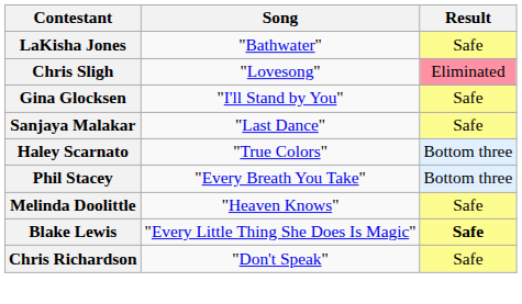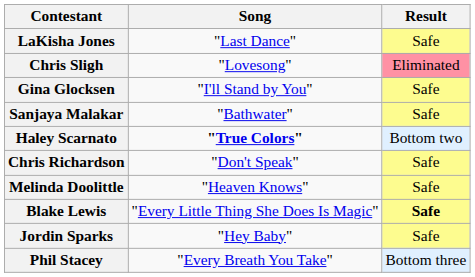 <table class="wikitable unsortable" style="text-align:center;">
 <tr>
 <th scope="col">Contestant</th>
 <th scope="col">Song</th>
 <th scope="col">Result</th>
 </tr>
 <tr>
 <th scope="row">LaKisha Jones</th>
-<td>"<a href='#'>Bathwater</a>"</td>
+<td>"<a href='#'>Last Dance</a>"</td>
 <td style="background:#FDFC8F">Safe</td>
 </tr>
 <tr>
 <th scope="row">Chris Sligh</th>
 <td>"<a href='#'>Lovesong</a>"</td>
 <td bgcolor="FF91A4">Eliminated</td>
 </tr>
 <tr>
 <th scope="row">Gina Glocksen</th>
 <td>"<a href='#'>I'll Stand by You</a>"</td>
 <td style="background:#FDFC8F">Safe</td>
 </tr>
 <tr>
 <th scope="row">Sanjaya Malakar</th>
-<td>"<a href='#'>Last Dance</a>"</td>
+<td>"<a href='#'>Bathwater</a>"</td>
 <td style="background:#FDFC8F">Safe</td>
 </tr>
 <tr>
 <th scope="row">Haley Scarnato</th>
-<td>"<a href='#'>True Colors</a>"</td>
-<td bgcolor="E0F0FF">Bottom three</td>
+<td><strong>"<a href='#'>True Colors</a>"</strong></td>
+<td bgcolor="E0F0FF">Bottom two</td>
 </tr>
 <tr>
-<th scope="row">Phil Stacey</th>
-<td>"<a href='#'>Every Breath You Take</a>"</td>
-<td bgcolor="E0F0FF">Bottom three</td>
+<th scope="row">Chris Richardson</th>
+<td>"<a href='#'>Don't Speak</a>"</td>
+<td style="background:#FDFC8F">Safe</td>
 </tr>
 <tr>
 <th scope="row">Melinda Doolittle</th>
 <td>"<a href='#'>Heaven Knows</a>"</td>
 <td style="background:#FDFC8F">Safe</td>
 </tr>
 <tr>
 <th scope="row">Blake Lewis</th>
 <td>"<a href='#'>Every Little Thing She Does Is Magic</a>"</td>
 <td style="background:#FDFC8F"><strong>Safe</strong></td>
 </tr>
 <tr>
-<th scope="row">Chris Richardson</th>
-<td>"<a href='#'>Don't Speak</a>"</td>
+<th scope="row">Jordin Sparks</th>
+<td>"<a href='#'>Hey Baby</a>"</td>
 <td style="background:#FDFC8F">Safe</td>
 </tr>
+<tr>
+<th scope="row">Phil Stacey</th>
+<td>"<a href='#'>Every Breath You Take</a>"</td>
+<td bgcolor="E0F0FF">Bottom three</td>
+</tr>
 </table>
